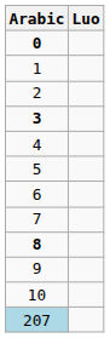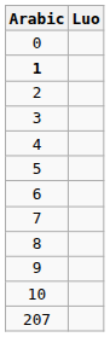 <table class="wikitable" style="text-align: center;">
 <tr>
 <th>Arabic</th>
 <th>Luo</th>
 </tr>
 <tr>
-<td><strong>0</strong></td>
+<td>0</td>
 <td></td>
 </tr>
 <tr>
-<td>1</td>
+<td><strong>1</strong></td>
 <td></td>
 </tr>
 <tr>
 <td>2</td>
 <td></td>
 </tr>
 <tr>
-<td><strong>3</strong></td>
+<td>3</td>
 <td></td>
 </tr>
 <tr>
 <td>4</td>
 <td></td>
 </tr>
 <tr>
 <td>5</td>
 <td></td>
 </tr>
 <tr>
 <td>6</td>
 <td></td>
 </tr>
 <tr>
 <td>7</td>
 <td></td>
 </tr>
 <tr>
-<td><strong>8</strong></td>
+<td>8</td>
 <td></td>
 </tr>
 <tr>
 <td>9</td>
 <td></td>
 </tr>
 <tr>
 <td>10</td>
 <td></td>
 </tr>
 <tr>
-<td style="background: lightblue;">207</td>
+<td>207</td>
 <td></td>
 </tr>
 </table>
